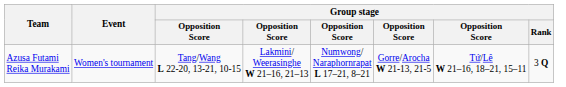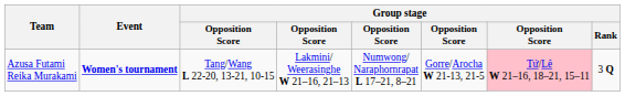 <table class="wikitable" style="font-size:90%">
 <tr>
 <th rowspan=2>Team</th>
 <th rowspan=2>Event</th>
 <th colspan=6>Group stage</th>
 </tr>
 <tr style="font-size:95%">
 <th>Opposition<br>Score</th>
 <th>Opposition<br>Score</th>
 <th>Opposition<br>Score</th>
 <th>Opposition<br>Score</th>
 <th>Opposition<br>Score</th>
 <th>Rank</th>
 </tr>
 <tr align=center>
 <td align=left><a href='#'>Azusa Futami</a><br><a href='#'>Reika Murakami</a></td>
-<td align=left><a href='#'>Women's tournament</a></td>
+<td align=left><strong><a href='#'>Women's tournament</a></strong></td>
 <td> <a href='#'>Tang</a>/<a href='#'>Wang</a><br><strong>L</strong> 22-20, 13-21,	10-15</td>
 <td> <a href='#'>Lakmini</a>/<br><a href='#'>Weerasinghe</a><br><strong>W</strong> 21–16, 21–13</td>
 <td> <a href='#'>Numwong</a>/<br><a href='#'>Naraphornrapat</a><br><strong>L</strong> 17–21, 8–21</td>
 <td> <a href='#'>Gorre</a>/<a href='#'>Arocha</a><br><strong>W</strong> 21-13, 21-5</td>
-<td> <a href='#'>Tứ</a>/<a href='#'>Lê</a><br><strong>W</strong> 21–16, 18–21, 15–11</td>
+<td style="background: pink;"> <a href='#'>Tứ</a>/<a href='#'>Lê</a><br><strong>W</strong> 21–16, 18–21, 15–11</td>
 <td>3  <strong>Q</strong></td>
 </tr>
 </table>
